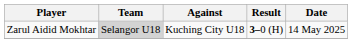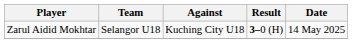 <table class="wikitable">
 <tr>
 <th>Player</th>
 <th>Team</th>
 <th>Against</th>
 <th>Result</th>
 <th>Date</th>
 </tr>
 <tr>
 <td>Zarul Aidid Mokhtar</td>
-<td style="background: lightgrey;">Selangor U18</td>
+<td>Selangor U18</td>
 <td>Kuching City U18</td>
 <td><strong>3–</strong>0 (H)</td>
 <td>14 May 2025</td>
 </tr>
 <tr>
 </tr>
 </table>
